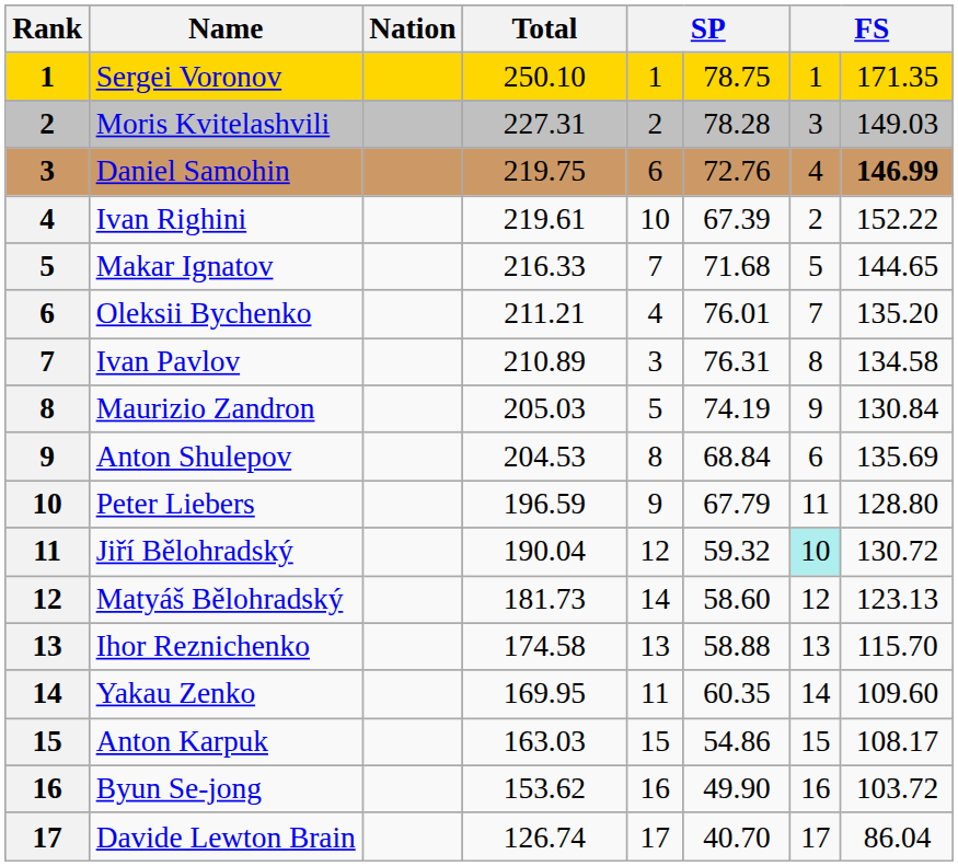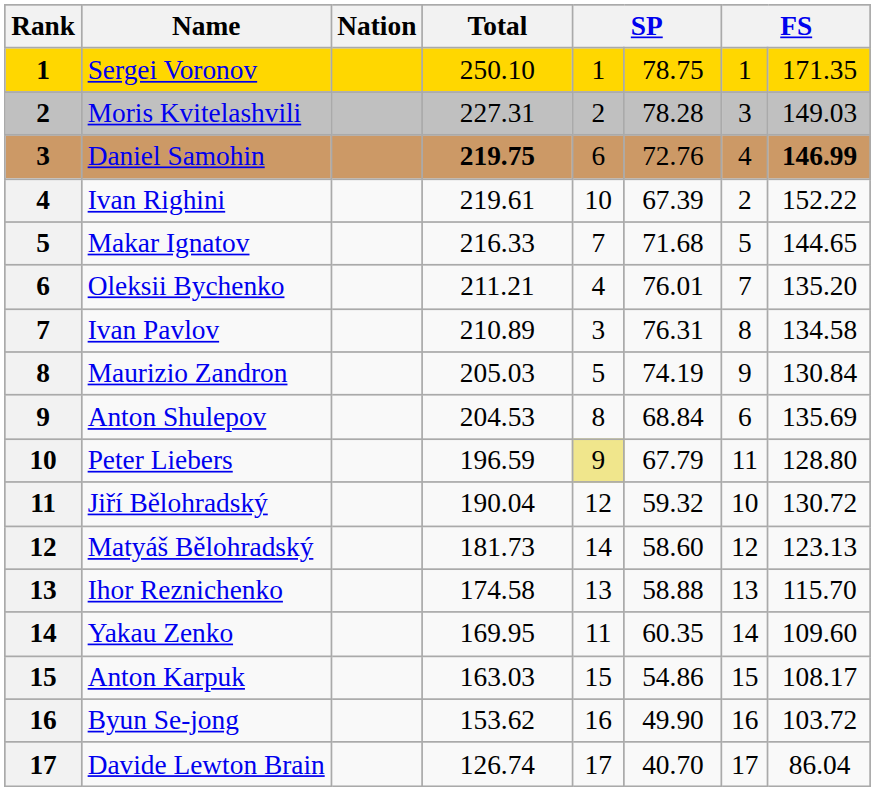 <table class="wikitable sortable">
 <tr>
 <th>Rank</th>
 <th>Name</th>
 <th>Nation</th>
 <th width="80px">Total</th>
 <th colspan="2" width="80px"><a href='#'>SP</a></th>
 <th colspan="2" width="80px"><a href='#'>FS</a></th>
 </tr>
 <tr bgcolor="gold">
 <td align="center"><strong>1</strong></td>
 <td><a href='#'>Sergei Voronov</a></td>
 <td></td>
 <td align="center">250.10</td>
 <td align="center">1</td>
 <td align="center">78.75</td>
 <td align="center">1</td>
 <td align="center">171.35</td>
 </tr>
 <tr bgcolor="silver">
 <td align="center"><strong>2</strong></td>
 <td><a href='#'>Moris Kvitelashvili</a></td>
 <td></td>
 <td align="center">227.31</td>
 <td align="center">2</td>
 <td align="center">78.28</td>
 <td align="center">3</td>
 <td align="center">149.03</td>
 </tr>
 <tr bgcolor="cc9966">
 <td align="center"><strong>3</strong></td>
 <td><a href='#'>Daniel Samohin</a></td>
 <td></td>
-<td align="center">219.75</td>
+<td align="center"><strong>219.75</strong></td>
 <td align="center">6</td>
 <td align="center">72.76</td>
 <td align="center">4</td>
 <td align="center"><strong>146.99</strong></td>
 </tr>
 <tr>
 <th>4</th>
 <td><a href='#'>Ivan Righini</a></td>
 <td></td>
 <td align="center">219.61</td>
 <td align="center">10</td>
 <td align="center">67.39</td>
 <td align="center">2</td>
 <td align="center">152.22</td>
 </tr>
 <tr>
 <th>5</th>
 <td><a href='#'>Makar Ignatov</a></td>
 <td></td>
 <td align="center">216.33</td>
 <td align="center">7</td>
 <td align="center">71.68</td>
 <td align="center">5</td>
 <td align="center">144.65</td>
 </tr>
 <tr>
 <th>6</th>
 <td><a href='#'>Oleksii Bychenko</a></td>
 <td></td>
 <td align="center">211.21</td>
 <td align="center">4</td>
 <td align="center">76.01</td>
 <td align="center">7</td>
 <td align="center">135.20</td>
 </tr>
 <tr>
 <th>7</th>
 <td><a href='#'>Ivan Pavlov</a></td>
 <td></td>
 <td align="center">210.89</td>
 <td align="center">3</td>
 <td align="center">76.31</td>
 <td align="center">8</td>
 <td align="center">134.58</td>
 </tr>
 <tr>
 <th>8</th>
 <td><a href='#'>Maurizio Zandron</a></td>
 <td></td>
 <td align="center">205.03</td>
 <td align="center">5</td>
 <td align="center">74.19</td>
 <td align="center">9</td>
 <td align="center">130.84</td>
 </tr>
 <tr>
 <th>9</th>
 <td><a href='#'>Anton Shulepov</a></td>
 <td></td>
 <td align="center">204.53</td>
 <td align="center">8</td>
 <td align="center">68.84</td>
 <td align="center">6</td>
 <td align="center">135.69</td>
 </tr>
 <tr>
 <th>10</th>
 <td><a href='#'>Peter Liebers</a></td>
 <td></td>
 <td align="center">196.59</td>
-<td align="center">9</td>
+<td align="center" style="background: khaki;">9</td>
 <td align="center">67.79</td>
 <td align="center">11</td>
 <td align="center">128.80</td>
 </tr>
 <tr>
 <th>11</th>
 <td><a href='#'>Jiří Bělohradský</a></td>
 <td></td>
 <td align="center">190.04</td>
 <td align="center">12</td>
 <td align="center">59.32</td>
-<td align="center" style="background: paleturquoise;">10</td>
+<td align="center">10</td>
 <td align="center">130.72</td>
 </tr>
 <tr>
 <th>12</th>
 <td><a href='#'>Matyáš Bělohradský</a></td>
 <td></td>
 <td align="center">181.73</td>
 <td align="center">14</td>
 <td align="center">58.60</td>
 <td align="center">12</td>
 <td align="center">123.13</td>
 </tr>
 <tr>
 <th>13</th>
 <td><a href='#'>Ihor Reznichenko</a></td>
 <td></td>
 <td align="center">174.58</td>
 <td align="center">13</td>
 <td align="center">58.88</td>
 <td align="center">13</td>
 <td align="center">115.70</td>
 </tr>
 <tr>
 <th>14</th>
 <td><a href='#'>Yakau Zenko</a></td>
 <td></td>
 <td align="center">169.95</td>
 <td align="center">11</td>
 <td align="center">60.35</td>
 <td align="center">14</td>
 <td align="center">109.60</td>
 </tr>
 <tr>
 <th>15</th>
 <td><a href='#'>Anton Karpuk</a></td>
 <td></td>
 <td align="center">163.03</td>
 <td align="center">15</td>
 <td align="center">54.86</td>
 <td align="center">15</td>
 <td align="center">108.17</td>
 </tr>
 <tr>
 <th>16</th>
 <td><a href='#'>Byun Se-jong</a></td>
 <td></td>
 <td align="center">153.62</td>
 <td align="center">16</td>
 <td align="center">49.90</td>
 <td align="center">16</td>
 <td align="center">103.72</td>
 </tr>
 <tr>
 <th>17</th>
 <td><a href='#'>Davide Lewton Brain</a></td>
 <td></td>
 <td align="center">126.74</td>
 <td align="center">17</td>
 <td align="center">40.70</td>
 <td align="center">17</td>
 <td align="center">86.04</td>
 </tr>
 </table>
